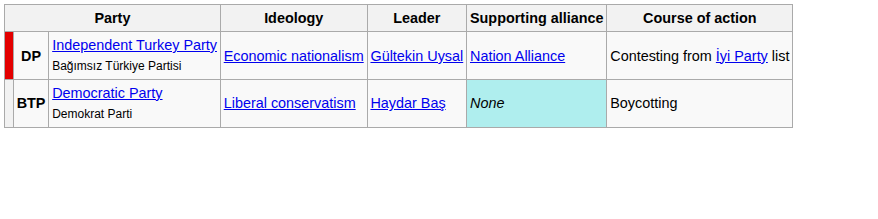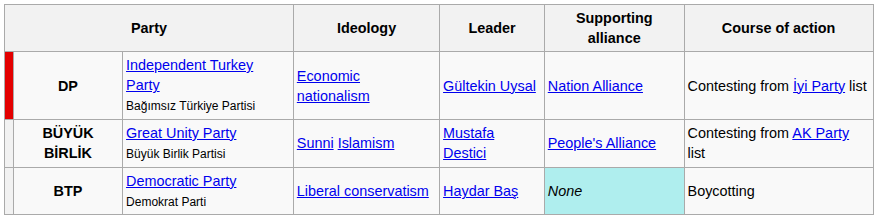 <table class="wikitable" style="text-align:left; font-size:90%; line-height:20px;">
 <tr>
 <th colspan="3">Party</th>
 <th>Ideology</th>
 <th>Leader</th>
 <th>Supporting alliance</th>
 <th>Course of action</th>
 </tr>
 <tr>
 <th style="background:#e30000; width:2px;"></th>
 <td style="text-align:center;"><strong>DP</strong></td>
 <td><a href='#'>Independent Turkey Party</a><br><small>Bağımsız Türkiye Partisi</small></td>
 <td><a href='#'>Economic nationalism</a></td>
 <td><a href='#'>Gültekin Uysal</a></td>
 <td><a href='#'>Nation Alliance</a></td>
 <td> Contesting from <a href='#'>İyi Party</a> list</td>
 </tr>
 <tr>
 <th style="background:"></th>
+<td style="text-align:center;"><strong>BÜYÜK BİRLİK</strong></td>
+<td><a href='#'>Great Unity Party</a><br><small>Büyük Birlik Partisi</small></td>
+<td><a href='#'>Sunni</a> <a href='#'>Islamism</a></td>
+<td><a href='#'>Mustafa Destici</a></td>
+<td><a href='#'>People's Alliance</a></td>
+<td> Contesting from <a href='#'>AK Party</a> list</td>
+</tr>
+<tr>
+<th style="background:"></th>
 <td style="text-align:center;"><strong>BTP</strong></td>
 <td><a href='#'>Democratic Party</a><br><small>Demokrat Parti</small></td>
 <td><a href='#'>Liberal conservatism</a></td>
 <td><a href='#'>Haydar Baş</a></td>
 <td style="background: paleturquoise;"><em>None</em><br></td>
 <td> Boycotting</td>
 </tr>
 </table>
